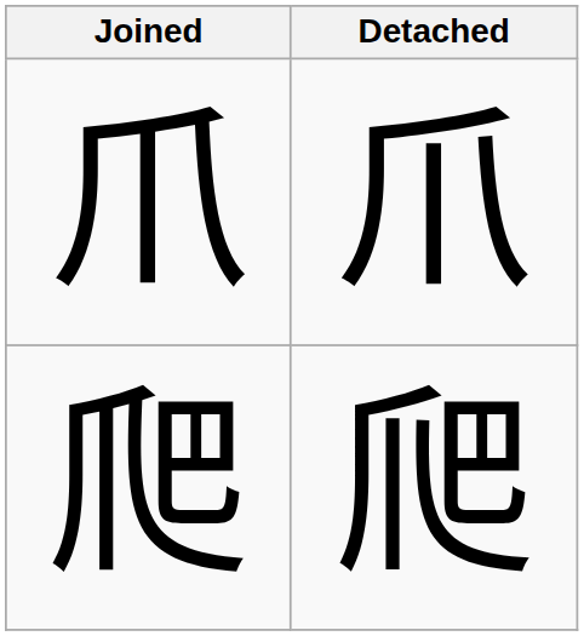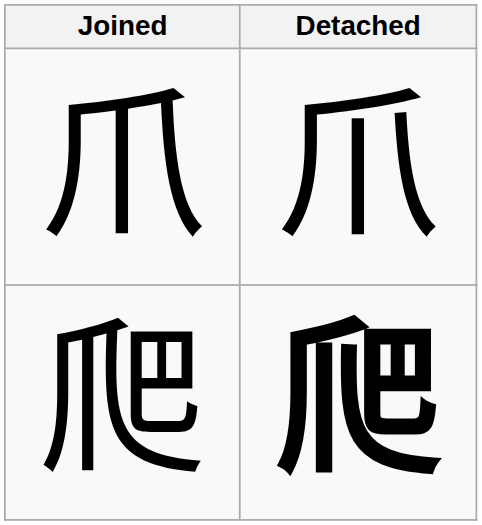 <table class="wikitable" style="text-align: center;">
 <tr>
 <th>Joined</th>
 <th>Detached</th>
 </tr>
 <tr style="font-size:6em; font-family:serif; line-height:100%;">
 <td lang="zh-cn">爪</td>
 <td lang="zh-tw">爪</td>
 </tr>
 <tr style="font-size:6em; font-family:serif; line-height:100%;">
 <td lang="zh-cn">爬</td>
-<td lang="zh-tw">爬</td>
+<td lang="zh-tw"><strong>爬</strong></td>
 </tr>
 </table>
